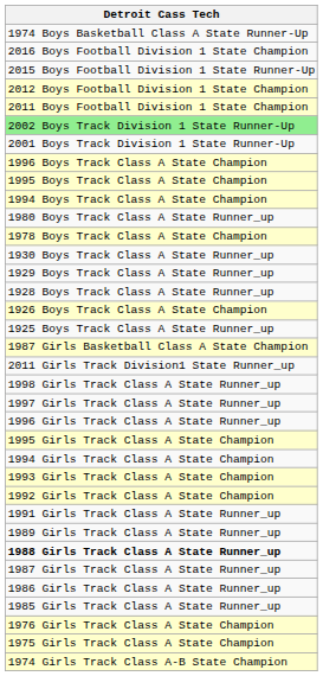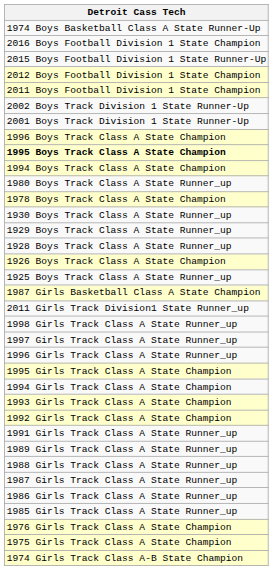 <table class="wikitable collapsible collapsed" style="min-width:25em; font-size:88%;">
 <tr>
 <th colspan="2">Detroit Cass Tech</th>
 </tr>
 <tr>
 <td>1974 Boys Basketball Class A State Runner-Up</td>
 </tr>
 <tr>
 <td>2016 Boys Football Division 1 State Champion</td>
 </tr>
 <tr>
 <td>2015 Boys Football Division 1 State Runner-Up</td>
 </tr>
 <tr style="background:#ffc;">
 <td>2012 Boys Football Division 1 State Champion</td>
 </tr>
 <tr style="background:#ffc;">
 <td>2011 Boys Football Division 1 State Champion</td>
 </tr>
 <tr>
-<td style="background: lightgreen;">2002 Boys Track Division 1 State Runner-Up</td>
+<td>2002 Boys Track Division 1 State Runner-Up</td>
 </tr>
 <tr>
 <td>2001 Boys Track Division 1 State Runner-Up</td>
 </tr>
 <tr style="background:#ffc;">
 <td>1996 Boys Track Class A State Champion</td>
 </tr>
 <tr style="background:#ffc;">
-<td>1995 Boys Track Class A State Champion</td>
+<td><strong>1995 Boys Track Class A State Champion</strong></td>
 </tr>
 <tr style="background:#ffc;">
 <td>1994 Boys Track Class A State Champion</td>
 </tr>
 <tr>
 <td>1980 Boys Track Class A State Runner_up</td>
 </tr>
 <tr style="background:#ffc;">
 <td>1978 Boys Track Class A State Champion</td>
 </tr>
 <tr>
 <td>1930 Boys Track Class A State Runner_up</td>
 </tr>
 <tr>
 <td>1929 Boys Track Class A State Runner_up</td>
 </tr>
 <tr>
 <td>1928 Boys Track Class A State Runner_up</td>
 </tr>
 <tr style="background:#ffc;">
 <td>1926 Boys Track Class A State Champion</td>
 </tr>
 <tr>
 <td>1925 Boys Track Class A State Runner_up</td>
 </tr>
 <tr style="background:#ffc;">
 <td>1987 Girls Basketball Class A State Champion</td>
 </tr>
 <tr>
 <td>2011 Girls Track Division1 State Runner_up</td>
 </tr>
 <tr>
 <td>1998 Girls Track Class A State Runner_up</td>
 </tr>
 <tr>
 <td>1997 Girls Track Class A State Runner_up</td>
 </tr>
 <tr>
 <td>1996 Girls Track Class A State Runner_up</td>
 </tr>
 <tr style="background:#ffc;">
 <td>1995 Girls Track Class A State Champion</td>
 </tr>
 <tr style="background:;#ffc">
 <td>1994 Girls Track Class A State Champion</td>
 </tr>
 <tr style="background:#ffc;">
 <td>1993 Girls Track Class A State Champion</td>
 </tr>
 <tr style="background:#ffc;">
 <td>1992 Girls Track Class A State Champion</td>
 </tr>
 <tr>
 <td>1991 Girls Track Class A State Runner_up</td>
 </tr>
 <tr>
 <td>1989 Girls Track Class A State Runner_up</td>
 </tr>
 <tr>
-<td><strong>1988 Girls Track Class A State Runner_up</strong></td>
+<td>1988 Girls Track Class A State Runner_up</td>
 </tr>
 <tr>
 <td>1987 Girls Track Class A State Runner_up</td>
 </tr>
 <tr>
 <td>1986 Girls Track Class A State Runner_up</td>
 </tr>
 <tr>
 <td>1985 Girls Track Class A State Runner_up</td>
 </tr>
 <tr style="background:#ffc;">
 <td>1976 Girls Track Class A State Champion</td>
 </tr>
 <tr style="background:#ffc;">
 <td>1975 Girls Track Class A State Champion</td>
 </tr>
 <tr style="background:#ffc;">
 <td>1974 Girls Track Class A-B State Champion</td>
 </tr>
 </table>
